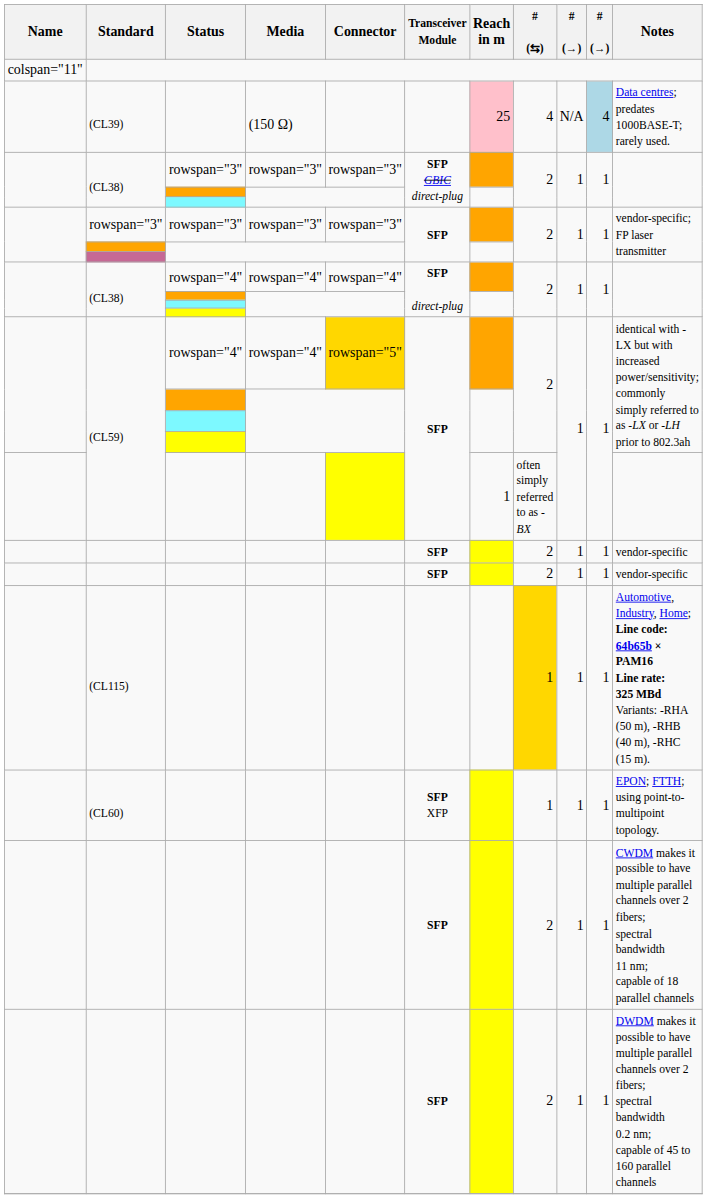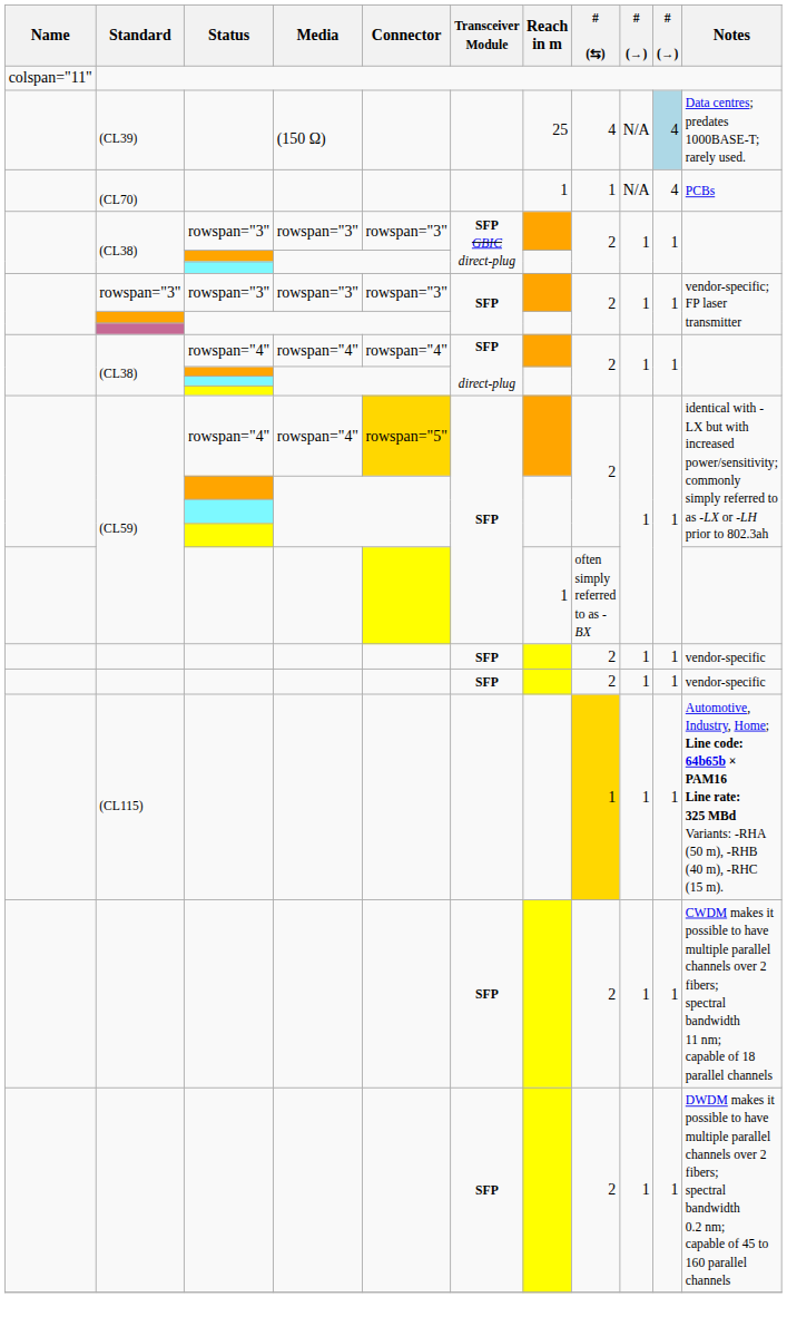 <table class="wikitable" style="line-height:110%;">
 <tr>
 <th>Name</th>
 <th>Standard</th>
 <th>Status</th>
 <th style="width: 170px;">Media</th>
 <th>Connector</th>
 <th><small>Transceiver<br>Module</small></th>
 <th>Reach<br>in m</th>
 <th><small>#<br><br>(⇆)</small></th>
 <th><small>#<br><br>(→)</small></th>
 <th><small>#<br><br>(→)</small></th>
 <th>Notes</th>
 </tr>
 <tr>
 <td>colspan="11" </td>
 </tr>
 <tr>
 <td></td>
 <td><br><small>(CL39)</small></td>
 <td></td>
 <td><br>(150 Ω)</td>
 <td></td>
 <td></td>
-<td style="background: pink; text-align:right;">25</td>
+<td style="text-align:right;">25</td>
 <td style="text-align:right;">4</td>
 <td style="text-align:right;">N/A</td>
 <td style="background: lightblue; text-align:right;">4</td>
 <td><small><a href='#'>Data centres</a>;<br>predates 1000BASE-T; rarely used.</small></td>
+</tr>
+<tr>
+<td></td>
+<td><br><small>(CL70)</small></td>
+<td></td>
+<td></td>
+<td></td>
+<td></td>
+<td style="text-align:right;">1</td>
+<td style="text-align:right;">1</td>
+<td style="text-align:right;">N/A</td>
+<td style="text-align:right;">4</td>
+<td><small><a href='#'>PCBs</a></small></td>
 </tr>
 <tr>
 <td rowspan="3"></td>
 <td rowspan="3"><br><small>(CL38)</small></td>
 <td>rowspan="3" </td>
 <td>rowspan="3" </td>
 <td>rowspan="3" </td>
 <td rowspan="3" align="center"><small><strong>SFP</strong><br><em><del><a href='#'>GBIC</a></del></em><br><em>direct-plug</em></small></td>
 <td style="background-color:orange"></td>
 <td rowspan="3" align="right">2</td>
 <td rowspan="3" align="right">1</td>
 <td rowspan="3" align="right">1</td>
 <td rowspan="3"></td>
 </tr>
 <tr>
 <td style="background-color:orange"></td>
 </tr>
 <tr>
 <td style="background-color:#7DF9FF"></td>
 </tr>
 <tr>
 <td rowspan="3"></td>
 <td>rowspan="3" </td>
 <td>rowspan="3" </td>
 <td>rowspan="3" </td>
 <td>rowspan="3" </td>
 <td rowspan="3" align="center"><small><strong>SFP</strong></small></td>
 <td style="background-color:orange"></td>
 <td rowspan="3" align="right">2</td>
 <td rowspan="3" align="right">1</td>
 <td rowspan="3" align="right">1</td>
 <td rowspan="3"><small>vendor-specific;<br>FP laser transmitter</small></td>
 </tr>
 <tr>
 <td style="background-color:orange"></td>
 </tr>
 <tr>
 <td style="background-color:#C66995"></td>
 </tr>
 <tr>
 <td rowspan="4"></td>
 <td rowspan="4"><br><small>(CL38)</small></td>
 <td>rowspan="4" </td>
 <td>rowspan="4" </td>
 <td>rowspan="4" </td>
 <td rowspan="4" align="center"><small><strong>SFP</strong><br><br><em>direct-plug</em></small></td>
 <td style="background-color:orange"></td>
 <td rowspan="4" align="right">2</td>
 <td rowspan="4" align="right">1</td>
 <td rowspan="4" align="right">1</td>
 <td rowspan="4"></td>
 </tr>
 <tr>
 <td style="background-color:orange"></td>
 </tr>
 <tr>
 <td style="background-color:#7DF9FF"></td>
 </tr>
 <tr>
 <td style="background-color:yellow"></td>
 </tr>
 <tr>
 <td rowspan="4"></td>
 <td rowspan="5"><br><small>(CL59)</small></td>
 <td>rowspan="4" </td>
 <td>rowspan="4" </td>
 <td style="background: gold;">rowspan="5" </td>
 <td rowspan="5" align="center"><small><strong>SFP</strong></small></td>
 <td style="background-color:orange"></td>
 <td rowspan="4" align="right">2</td>
 <td rowspan="5" align="right">1</td>
 <td rowspan="5" align="right">1</td>
 <td rowspan="4"><small>identical with -LX but with increased power/sensitivity;<br>commonly simply referred to as <em>-LX</em> or <em>-LH</em> prior to 802.3ah</small></td>
 </tr>
 <tr>
 <td style="background-color:orange"></td>
 </tr>
 <tr>
 <td style="background-color:#7DF9FF"></td>
 </tr>
 <tr>
 <td style="background-color:yellow"></td>
 </tr>
 <tr>
 <td></td>
 <td></td>
 <td></td>
 <td style="background-color:yellow"></td>
 <td style="text-align:right;">1</td>
 <td><small>often simply referred to as <em>-BX</em></small></td>
 </tr>
 <tr>
 <td></td>
 <td></td>
 <td></td>
 <td></td>
 <td></td>
 <td align="center"><small><strong>SFP</strong><br></small></td>
 <td style="background-color:yellow"></td>
 <td style="text-align:right;">2</td>
 <td style="text-align:right;">1</td>
 <td style="text-align:right;">1</td>
 <td><small>vendor-specific</small></td>
 </tr>
 <tr>
 <td></td>
 <td></td>
 <td></td>
 <td></td>
 <td></td>
 <td align="center"><small><strong>SFP</strong><br></small></td>
 <td style="background-color:yellow"></td>
 <td style="text-align:right;">2</td>
 <td style="text-align:right;">1</td>
 <td style="text-align:right;">1</td>
 <td><small>vendor-specific</small></td>
 </tr>
 <tr>
 <td></td>
 <td><br><small>(CL115)</small></td>
 <td></td>
 <td></td>
 <td></td>
 <td></td>
 <td style="text-align:right;"></td>
 <td style="background: gold; text-align:right;">1</td>
 <td style="text-align:right;">1</td>
 <td style="text-align:right;">1</td>
 <td><small><a href='#'>Automotive</a>, <a href='#'>Industry</a>, <a href='#'>Home</a>; <br><strong>Line code: <a href='#'>64b65b</a> × PAM16</strong><br><strong>Line rate: 325 MBd</strong><br>Variants: -RHA (50 m), -RHB (40 m), -RHC (15 m).</small></td>
 </tr>
 <tr>
-<td></td>
-<td><br><small>(CL60)</small></td>
-<td></td>
-<td></td>
-<td></td>
-<td align="center"><small><strong>SFP</strong><br>XFP</small></td>
-<td style="background-color:yellow"></td>
-<td style="text-align:right;">1</td>
-<td style="text-align:right;">1</td>
-<td style="text-align:right;">1</td>
-<td><small><a href='#'>EPON</a>; <a href='#'>FTTH</a>;<br>using point-to-multipoint topology.</small></td>
-</tr>
-<tr>
 <td><br></td>
 <td></td>
 <td></td>
 <td></td>
 <td></td>
 <td align="center"><small><strong>SFP</strong></small></td>
 <td style="background-color:yellow"></td>
 <td style="text-align:right;">2</td>
 <td style="text-align:right;">1</td>
 <td style="text-align:right;">1</td>
 <td><small><a href='#'>CWDM</a> makes it possible to have multiple parallel channels over 2 fibers;<br>spectral bandwidth 11 nm;<br>capable of 18 parallel channels</small></td>
 </tr>
 <tr>
 <td><br></td>
 <td></td>
 <td></td>
 <td></td>
 <td></td>
 <td align="center"><small><strong>SFP</strong></small></td>
 <td style="background-color:yellow"></td>
 <td style="text-align:right;">2</td>
 <td style="text-align:right;">1</td>
 <td style="text-align:right;">1</td>
 <td><small><a href='#'>DWDM</a> makes it possible to have multiple parallel channels over 2 fibers;<br>spectral bandwidth 0.2 nm;<br>capable of 45 to 160 parallel channels</small></td>
 </tr>
 <tr>
 </tr>
 </table>
